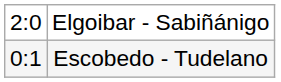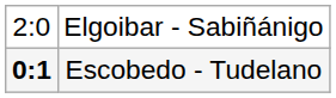 <table class="wikitable">
 <tr align=center bgcolor=white>
 <td>2:0</td>
 <td>Elgoibar - Sabiñánigo</td>
 </tr>
 <tr align=center bgcolor=#F5F5F5>
-<td>0:1</td>
+<td><strong>0:1</strong></td>
 <td>Escobedo - Tudelano</td>
 </tr>
 </table>
